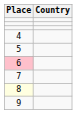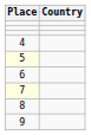 <table class="wikitable" style="font-size:95%;">
 <tr>
 <th>Place</th>
 <th>Country</th>
 </tr>
 <tr>
 <td align=center></td>
 <td></td>
 </tr>
 <tr>
 <td align=center></td>
 <td></td>
 </tr>
 <tr>
 <td align=center></td>
 <td></td>
 </tr>
 <tr>
 <td align=center>4</td>
 <td></td>
 </tr>
 <tr>
-<td align=center>5</td>
+<td align=center style="background: lightyellow;">5</td>
 <td></td>
 </tr>
 <tr>
-<td align=center style="background: pink;">6</td>
+<td align=center>6</td>
 <td></td>
 </tr>
 <tr>
-<td align=center>7</td>
+<td align=center style="background: lightyellow;">7</td>
 <td></td>
 </tr>
 <tr>
-<td align=center style="background: lightyellow;">8</td>
+<td align=center>8</td>
 <td></td>
 </tr>
 <tr>
 <td align=center>9</td>
 <td></td>
 </tr>
 </table>
